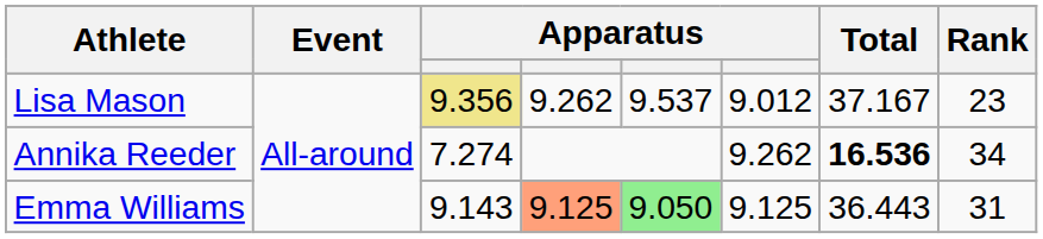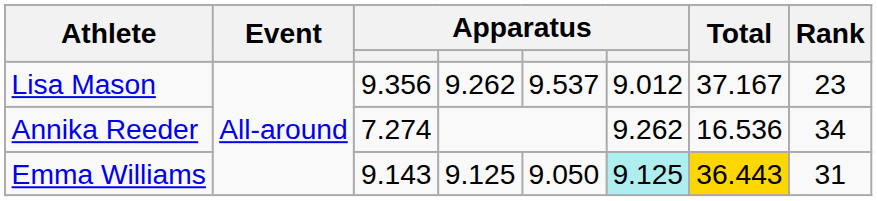 <table class="wikitable" style="font-size:90%">
 <tr>
 <th rowspan=2>Athlete</th>
 <th rowspan=2>Event</th>
 <th colspan =4>Apparatus</th>
 <th rowspan=2>Total</th>
 <th rowspan=2>Rank</th>
 </tr>
 <tr style="font-size:95%">
 <th></th>
 <th></th>
 <th></th>
 <th></th>
 </tr>
 <tr align=center>
 <td align=left><a href='#'>Lisa Mason</a></td>
 <td rowspan=3 align=left><a href='#'>All-around</a></td>
-<td style="background: khaki;">9.356</td>
+<td>9.356</td>
 <td>9.262</td>
 <td>9.537</td>
 <td>9.012</td>
 <td>37.167</td>
 <td>23</td>
 </tr>
 <tr align=center>
 <td align=left><a href='#'>Annika Reeder</a></td>
 <td>7.274</td>
 <td colspan=2></td>
 <td>9.262</td>
-<td><strong>16.536</strong></td>
+<td>16.536</td>
 <td>34</td>
 </tr>
 <tr align=center>
 <td align=left><a href='#'>Emma Williams</a></td>
 <td>9.143</td>
-<td style="background: lightsalmon;">9.125</td>
-<td style="background: lightgreen;">9.050</td>
 <td>9.125</td>
-<td>36.443</td>
+<td>9.050</td>
+<td style="background: paleturquoise;">9.125</td>
+<td style="background: gold;">36.443</td>
 <td>31</td>
 </tr>
 </table>
